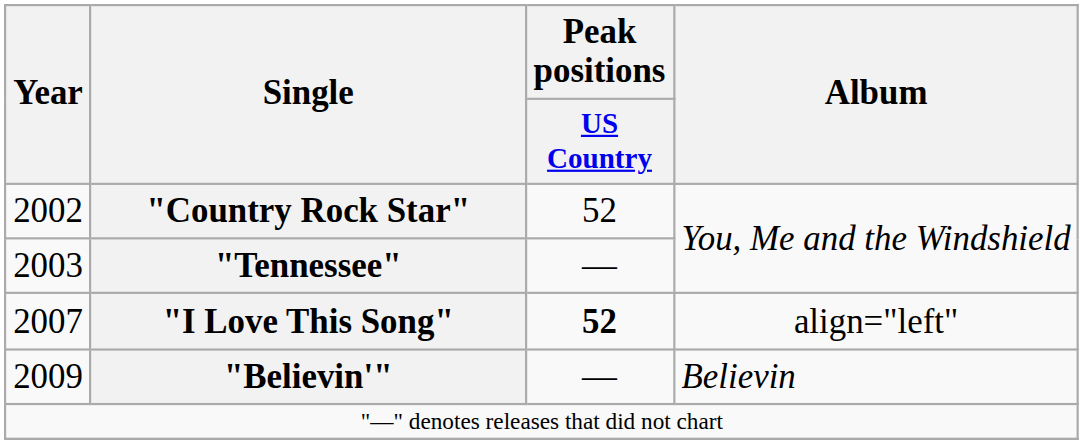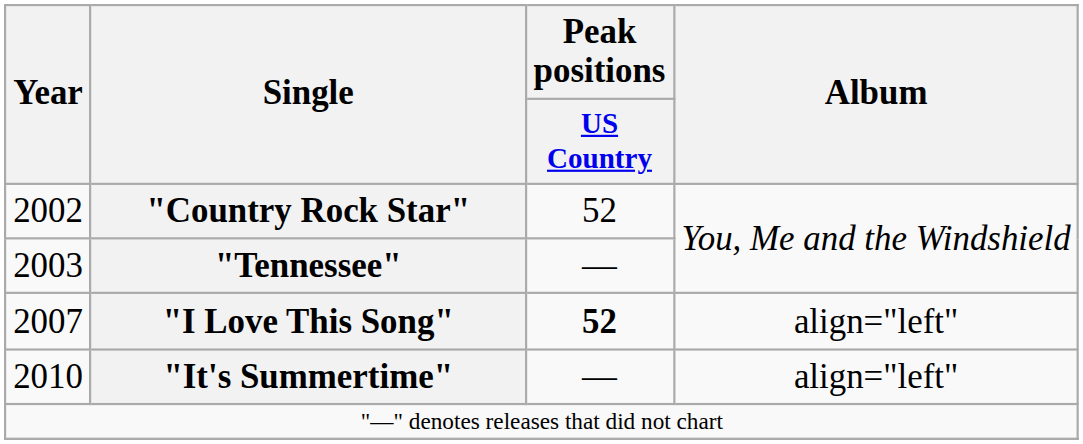 <table class="wikitable plainrowheaders" style="text-align:center;">
 <tr>
 <th rowspan="2">Year</th>
 <th rowspan="2" style="width:12em;">Single</th>
 <th colspan="1">Peak positions</th>
 <th rowspan="2">Album</th>
 </tr>
 <tr style="font-size:smaller;">
 <th width="60"><a href='#'>US Country</a></th>
 </tr>
 <tr>
 <td>2002</td>
 <th scope="row">"Country Rock Star"</th>
 <td>52</td>
 <td align="left" rowspan="2"><em>You, Me and the Windshield</em></td>
 </tr>
 <tr>
 <td>2003</td>
 <th scope="row">"Tennessee"</th>
 <td>—</td>
 </tr>
 <tr>
 <td>2007</td>
 <th scope="row">"I Love This Song"</th>
 <td><strong>52</strong></td>
 <td>align="left" </td>
 </tr>
 <tr>
-<td>2009</td>
-<th scope="row">"Believin'"</th>
+<td>2010</td>
+<th scope="row">"It's Summertime"</th>
 <td>—</td>
-<td align="left"><em>Believin<strong></td>
+<td>align="left" </td>
 </tr>
 <tr>
 <td colspan="4" style="font-size:8pt">"—" denotes releases that did not chart</td>
 </tr>
 <tr>
 </tr>
 </table>
